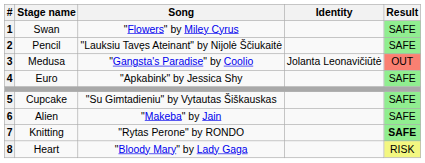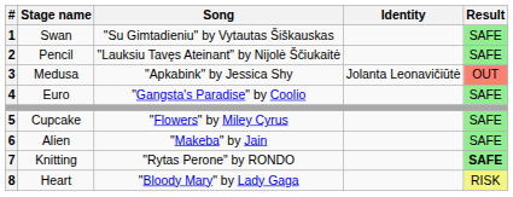 <table class="wikitable plainrowheaders" style="text-align: center;">
 <tr>
 <th>#</th>
 <th>Stage name</th>
 <th>Song</th>
 <th>Identity</th>
 <th>Result</th>
 </tr>
 <tr>
 <th>1</th>
 <td>Swan</td>
-<td>"<a href='#'>Flowers</a>" by <a href='#'>Miley Cyrus</a></td>
+<td>"Su Gimtadieniu" by Vytautas Šiškauskas</td>
 <td></td>
 <td bgcolor="lightgreen">SAFE</td>
 </tr>
 <tr>
 <th>2</th>
 <td>Pencil</td>
 <td>"Lauksiu Tavęs Ateinant" by Nijolė Ščiukaitė</td>
 <td></td>
 <td bgcolor="lightgreen">SAFE</td>
 </tr>
 <tr>
 <th>3</th>
 <td>Medusa</td>
-<td>"<a href='#'>Gangsta's Paradise</a>" by <a href='#'>Coolio</a></td>
+<td>"Apkabink" by Jessica Shy</td>
 <td>Jolanta Leonavičiūtė</td>
 <td bgcolor="salmon">OUT</td>
 </tr>
 <tr>
 <th>4</th>
 <td>Euro</td>
-<td>"Apkabink" by Jessica Shy</td>
+<td>"<a href='#'>Gangsta's Paradise</a>" by <a href='#'>Coolio</a></td>
 <td></td>
 <td bgcolor="lightgreen">SAFE</td>
 </tr>
 <tr>
 <td colspan="5" style="background:darkgray"></td>
 </tr>
 <tr>
 <th>5</th>
 <td>Cupcake</td>
-<td>"Su Gimtadieniu" by Vytautas Šiškauskas</td>
+<td>"<a href='#'>Flowers</a>" by <a href='#'>Miley Cyrus</a></td>
 <td></td>
 <td bgcolor="lightgreen">SAFE</td>
 </tr>
 <tr>
 <th>6</th>
 <td>Alien</td>
 <td>"<a href='#'>Makeba</a>" by <a href='#'>Jain</a></td>
 <td></td>
 <td bgcolor="lightgreen">SAFE</td>
 </tr>
 <tr>
 <th>7</th>
 <td>Knitting</td>
 <td>"Rytas Perone" by RONDO</td>
 <td></td>
 <td bgcolor="lightgreen"><strong>SAFE</strong></td>
 </tr>
 <tr>
 <th>8</th>
 <td>Heart</td>
 <td>"<a href='#'>Bloody Mary</a>" by <a href='#'>Lady Gaga</a></td>
 <td></td>
 <td bgcolor="#F3F781">RISK</td>
 </tr>
 </table>
